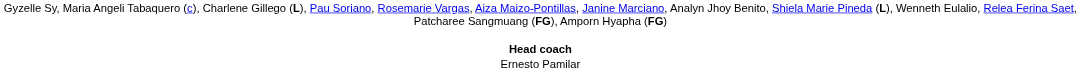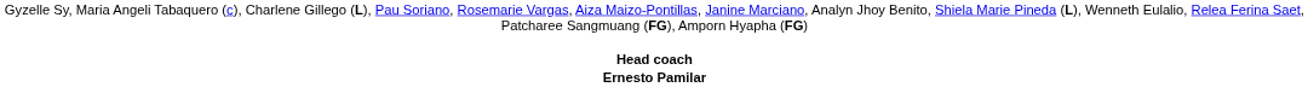 <table style="text-align: center; margin-top: 2em; margin-left: auto; margin-right: auto">
 <tr>
 <td>Gyzelle Sy, Maria Angeli Tabaquero (<a href='#'>c</a>), Charlene Gillego (<strong>L</strong>), <a href='#'>Pau Soriano</a>, <a href='#'>Rosemarie Vargas</a>, <a href='#'>Aiza Maizo-Pontillas</a>, <a href='#'>Janine Marciano</a>, Analyn Jhoy Benito, <a href='#'>Shiela Marie Pineda</a> (<strong>L</strong>), Wenneth Eulalio, <a href='#'>Relea Ferina Saet</a>, Patcharee Sangmuang (<strong>FG</strong>), Amporn Hyapha (<strong>FG</strong>)</td>
 </tr>
 <tr>
 <td><br><strong>Head coach</strong></td>
 </tr>
 <tr>
-<td>Ernesto Pamilar</td>
+<td><strong>Ernesto Pamilar</strong></td>
 </tr>
 </table>
